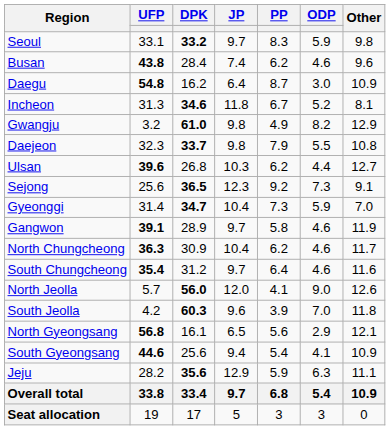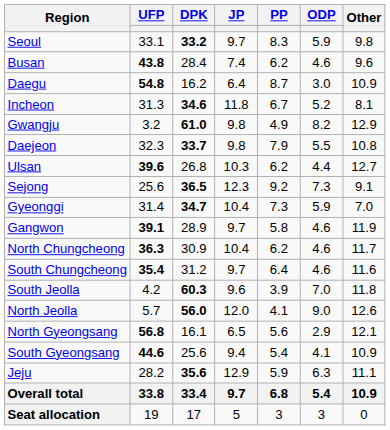 <table class="wikitable nowrap sortable" style="text-align:center; font-size:90%">
 <tr>
 <th rowspan="2">Region</th>
 <th style="width:40px" class="unsortable"><a href='#'>UFP</a></th>
 <th style="width:40px" class="unsortable"><a href='#'>DPK</a></th>
 <th style="width:40px" class="unsortable"><a href='#'>JP</a></th>
 <th style="width:40px" class="unsortable"><a href='#'>PP</a></th>
 <th style="width:40px" class="unsortable"><a href='#'>ODP</a></th>
 <th rowspan="2" style="width:40px" class="unsortable">Other</th>
 </tr>
 <tr>
 <th style="background:"></th>
 <th style="background:"></th>
 <th style="background:"></th>
 <th style="background:"></th>
 <th style="background:"></th>
 </tr>
 <tr>
 <td style="text-align:left"><a href='#'>Seoul</a></td>
 <td>33.1</td>
 <td><strong>33.2</strong></td>
 <td>9.7</td>
 <td>8.3</td>
 <td>5.9</td>
 <td>9.8</td>
 </tr>
 <tr>
 <td style="text-align:left"><a href='#'>Busan</a></td>
 <td><strong>43.8</strong></td>
 <td>28.4</td>
 <td>7.4</td>
 <td>6.2</td>
 <td>4.6</td>
 <td>9.6</td>
 </tr>
 <tr>
 <td style="text-align:left"><a href='#'>Daegu</a></td>
 <td><strong>54.8</strong></td>
 <td>16.2</td>
 <td>6.4</td>
 <td>8.7</td>
 <td>3.0</td>
 <td>10.9</td>
 </tr>
 <tr>
 <td style="text-align:left"><a href='#'>Incheon</a></td>
 <td>31.3</td>
 <td><strong>34.6</strong></td>
 <td>11.8</td>
 <td>6.7</td>
 <td>5.2</td>
 <td>8.1</td>
 </tr>
 <tr>
 <td style="text-align:left"><a href='#'>Gwangju</a></td>
 <td>3.2</td>
 <td><strong>61.0</strong></td>
 <td>9.8</td>
 <td>4.9</td>
 <td>8.2</td>
 <td>12.9</td>
 </tr>
 <tr>
 <td style="text-align:left"><a href='#'>Daejeon</a></td>
 <td>32.3</td>
 <td><strong>33.7</strong></td>
 <td>9.8</td>
 <td>7.9</td>
 <td>5.5</td>
 <td>10.8</td>
 </tr>
 <tr>
 <td style="text-align:left"><a href='#'>Ulsan</a></td>
 <td><strong>39.6</strong></td>
 <td>26.8</td>
 <td>10.3</td>
 <td>6.2</td>
 <td>4.4</td>
 <td>12.7</td>
 </tr>
 <tr>
 <td style="text-align:left"><a href='#'>Sejong</a></td>
 <td>25.6</td>
 <td><strong>36.5</strong></td>
 <td>12.3</td>
 <td>9.2</td>
 <td>7.3</td>
 <td>9.1</td>
 </tr>
 <tr>
 <td style="text-align:left"><a href='#'>Gyeonggi</a></td>
 <td>31.4</td>
 <td><strong>34.7</strong></td>
 <td>10.4</td>
 <td>7.3</td>
 <td>5.9</td>
 <td>7.0</td>
 </tr>
 <tr>
 <td style="text-align:left"><a href='#'>Gangwon</a></td>
 <td><strong>39.1</strong></td>
 <td>28.9</td>
 <td>9.7</td>
 <td>5.8</td>
 <td>4.6</td>
 <td>11.9</td>
 </tr>
 <tr>
 <td style="text-align:left" data-sort-value="Chungcheong N"><a href='#'>North Chungcheong</a></td>
 <td><strong>36.3</strong></td>
 <td>30.9</td>
 <td>10.4</td>
 <td>6.2</td>
 <td>4.6</td>
 <td>11.7</td>
 </tr>
 <tr>
 <td style="text-align:left" data-sort-value="Chungcheong S"><a href='#'>South Chungcheong</a></td>
 <td><strong>35.4</strong></td>
 <td>31.2</td>
 <td>9.7</td>
 <td>6.4</td>
 <td>4.6</td>
 <td>11.6</td>
 </tr>
 <tr>
+<td style="text-align:left" data-sort-value="Jeolla S"><a href='#'>South Jeolla</a></td>
+<td>4.2</td>
+<td><strong>60.3</strong></td>
+<td>9.6</td>
+<td>3.9</td>
+<td>7.0</td>
+<td>11.8</td>
+</tr>
+<tr>
 <td style="text-align:left" data-sort-value="Jeolla N"><a href='#'>North Jeolla</a></td>
 <td>5.7</td>
 <td><strong>56.0</strong></td>
 <td>12.0</td>
 <td>4.1</td>
 <td>9.0</td>
 <td>12.6</td>
-</tr>
-<tr>
-<td style="text-align:left" data-sort-value="Jeolla S"><a href='#'>South Jeolla</a></td>
-<td>4.2</td>
-<td><strong>60.3</strong></td>
-<td>9.6</td>
-<td>3.9</td>
-<td>7.0</td>
-<td>11.8</td>
 </tr>
 <tr>
 <td style="text-align:left" data-sort-value="Gyeongsang N"><a href='#'>North Gyeongsang</a></td>
 <td><strong>56.8</strong></td>
 <td>16.1</td>
 <td>6.5</td>
 <td>5.6</td>
 <td>2.9</td>
 <td>12.1</td>
 </tr>
 <tr>
 <td style="text-align:left" data-sort-value="Gyeongsang S"><a href='#'>South Gyeongsang</a></td>
 <td><strong>44.6</strong></td>
 <td>25.6</td>
 <td>9.4</td>
 <td>5.4</td>
 <td>4.1</td>
 <td>10.9</td>
 </tr>
 <tr>
 <td style="text-align:left"><a href='#'>Jeju</a></td>
 <td>28.2</td>
 <td><strong>35.6</strong></td>
 <td>12.9</td>
 <td>5.9</td>
 <td>6.3</td>
 <td>11.1</td>
 </tr>
 <tr class="sortbottom">
 <th style="text-align:left">Overall total</th>
 <th>33.8</th>
 <th>33.4</th>
 <th>9.7</th>
 <th>6.8</th>
 <th>5.4</th>
 <th>10.9</th>
 </tr>
 <tr class="sortbottom">
 <th style="text-align:left">Seat allocation</th>
 <td>19</td>
 <td>17</td>
 <td>5</td>
 <td>3</td>
 <td>3</td>
 <td>0</td>
 </tr>
 </table>
